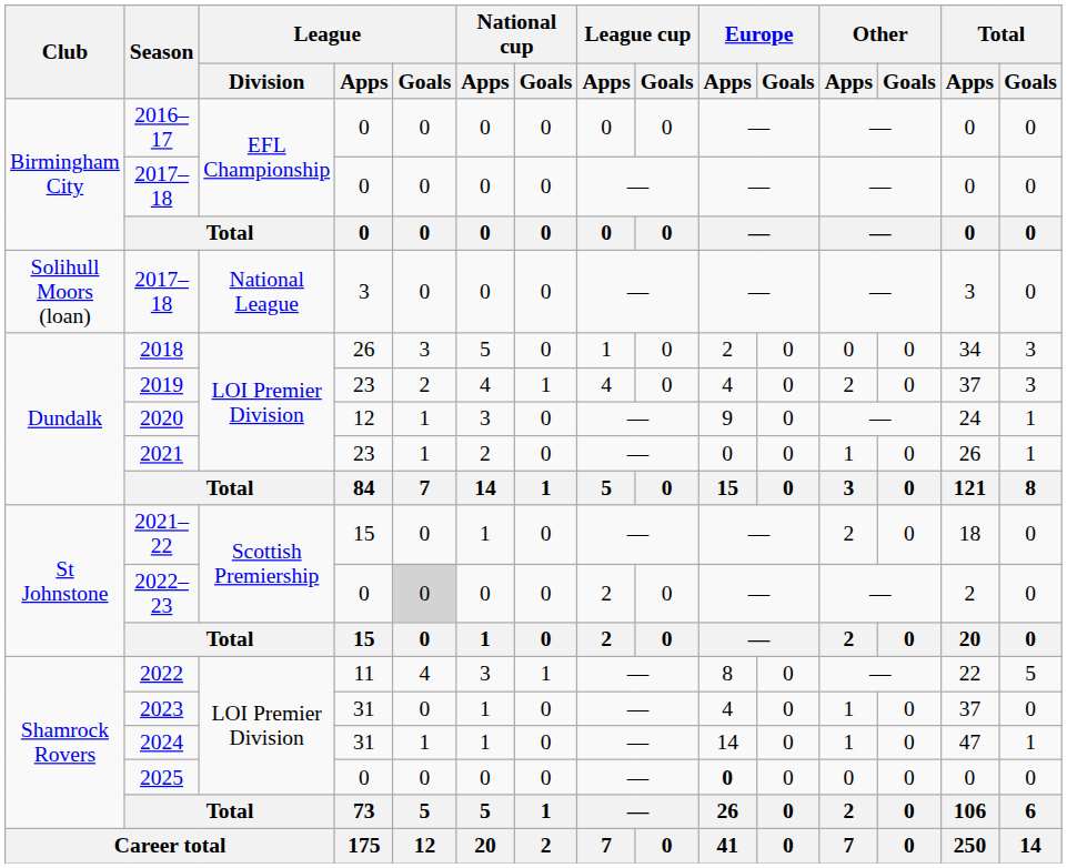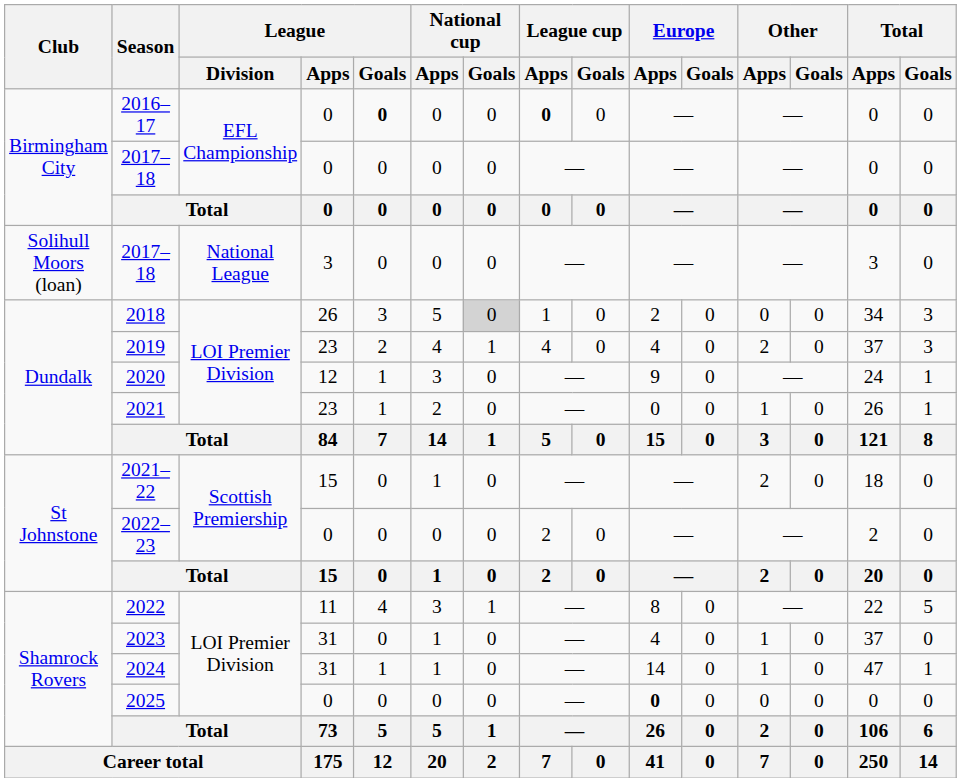 <table class="wikitable" style="text-align:center">
 <tr>
 <th rowspan="2">Club</th>
 <th rowspan="2">Season</th>
 <th colspan="3">League</th>
 <th colspan="2">National cup</th>
 <th colspan="2">League cup</th>
 <th colspan="2"><a href='#'>Europe</a></th>
 <th colspan="2">Other</th>
 <th colspan="2">Total</th>
 </tr>
 <tr>
 <th>Division</th>
 <th>Apps</th>
 <th>Goals</th>
 <th>Apps</th>
 <th>Goals</th>
 <th>Apps</th>
 <th>Goals</th>
 <th>Apps</th>
 <th>Goals</th>
 <th>Apps</th>
 <th>Goals</th>
 <th>Apps</th>
 <th>Goals</th>
 </tr>
 <tr>
 <td rowspan="3"><a href='#'>Birmingham City</a></td>
 <td><a href='#'>2016–17</a></td>
 <td rowspan="2"><a href='#'>EFL Championship</a></td>
 <td>0</td>
+<td><strong>0</strong></td>
 <td>0</td>
 <td>0</td>
-<td>0</td>
-<td>0</td>
+<td><strong>0</strong></td>
 <td>0</td>
 <td colspan="2">—</td>
 <td colspan="2">—</td>
 <td>0</td>
 <td>0</td>
 </tr>
 <tr>
 <td><a href='#'>2017–18</a></td>
 <td>0</td>
 <td>0</td>
 <td>0</td>
 <td>0</td>
 <td colspan="2">—</td>
 <td colspan="2">—</td>
 <td colspan="2">—</td>
 <td>0</td>
 <td>0</td>
 </tr>
 <tr>
 <th colspan="2">Total</th>
 <th>0</th>
 <th>0</th>
 <th>0</th>
 <th>0</th>
 <th>0</th>
 <th>0</th>
 <th colspan="2">—</th>
 <th colspan="2">—</th>
 <th>0</th>
 <th>0</th>
 </tr>
 <tr>
 <td><a href='#'>Solihull Moors</a> (loan)</td>
 <td><a href='#'>2017–18</a></td>
 <td><a href='#'>National League</a></td>
 <td>3</td>
 <td>0</td>
 <td>0</td>
 <td>0</td>
 <td colspan="2">—</td>
 <td colspan="2">—</td>
 <td colspan="2">—</td>
 <td>3</td>
 <td>0</td>
 </tr>
 <tr>
 <td rowspan="5"><a href='#'>Dundalk</a></td>
 <td><a href='#'>2018</a></td>
 <td rowspan="4"><a href='#'>LOI Premier Division</a></td>
 <td>26</td>
 <td>3</td>
 <td>5</td>
-<td>0</td>
+<td style="background: lightgrey;">0</td>
 <td>1</td>
 <td>0</td>
 <td>2</td>
 <td>0</td>
 <td>0</td>
 <td>0</td>
 <td>34</td>
 <td>3</td>
 </tr>
 <tr>
 <td><a href='#'>2019</a></td>
 <td>23</td>
 <td>2</td>
 <td>4</td>
 <td>1</td>
 <td>4</td>
 <td>0</td>
 <td>4</td>
 <td>0</td>
 <td>2</td>
 <td>0</td>
 <td>37</td>
 <td>3</td>
 </tr>
 <tr>
 <td><a href='#'>2020</a></td>
 <td>12</td>
 <td>1</td>
 <td>3</td>
 <td>0</td>
 <td colspan="2">—</td>
 <td>9</td>
 <td>0</td>
 <td colspan="2">—</td>
 <td>24</td>
 <td>1</td>
 </tr>
 <tr>
 <td><a href='#'>2021</a></td>
 <td>23</td>
 <td>1</td>
 <td>2</td>
 <td>0</td>
 <td colspan="2">—</td>
 <td>0</td>
 <td>0</td>
 <td>1</td>
 <td>0</td>
 <td>26</td>
 <td>1</td>
 </tr>
 <tr>
 <th colspan="2">Total</th>
 <th>84</th>
 <th>7</th>
 <th>14</th>
 <th>1</th>
 <th>5</th>
 <th>0</th>
 <th>15</th>
 <th>0</th>
 <th>3</th>
 <th>0</th>
 <th>121</th>
 <th>8</th>
 </tr>
 <tr>
 <td rowspan="3"><a href='#'>St Johnstone</a></td>
 <td><a href='#'>2021–22</a></td>
 <td rowspan="2"><a href='#'>Scottish Premiership</a></td>
 <td>15</td>
 <td>0</td>
 <td>1</td>
 <td>0</td>
 <td colspan="2">—</td>
 <td colspan="2">—</td>
 <td>2</td>
 <td>0</td>
 <td>18</td>
 <td>0</td>
 </tr>
 <tr>
 <td><a href='#'>2022–23</a></td>
 <td>0</td>
-<td style="background: lightgrey;">0</td>
+<td>0</td>
 <td>0</td>
 <td>0</td>
 <td>2</td>
 <td>0</td>
 <td colspan="2">—</td>
 <td colspan="2">—</td>
 <td>2</td>
 <td>0</td>
 </tr>
 <tr>
 <th colspan=2>Total</th>
 <th>15</th>
 <th>0</th>
 <th>1</th>
 <th>0</th>
 <th>2</th>
 <th>0</th>
 <th colspan="2">—</th>
 <th>2</th>
 <th>0</th>
 <th>20</th>
 <th>0</th>
 </tr>
 <tr>
 <td rowspan="5"><a href='#'>Shamrock Rovers</a></td>
 <td><a href='#'>2022</a></td>
 <td rowspan="4">LOI Premier Division</td>
 <td>11</td>
 <td>4</td>
 <td>3</td>
 <td>1</td>
 <td colspan="2">—</td>
 <td>8</td>
 <td>0</td>
 <td colspan="2">—</td>
 <td>22</td>
 <td>5</td>
 </tr>
 <tr>
 <td><a href='#'>2023</a></td>
 <td>31</td>
 <td>0</td>
 <td>1</td>
 <td>0</td>
 <td colspan="2">—</td>
 <td>4</td>
 <td>0</td>
 <td>1</td>
 <td>0</td>
 <td>37</td>
 <td>0</td>
 </tr>
 <tr>
 <td><a href='#'>2024</a></td>
 <td>31</td>
 <td>1</td>
 <td>1</td>
 <td>0</td>
 <td colspan="2">—</td>
 <td>14</td>
 <td>0</td>
 <td>1</td>
 <td>0</td>
 <td>47</td>
 <td>1</td>
 </tr>
 <tr>
 <td><a href='#'>2025</a></td>
 <td>0</td>
 <td>0</td>
 <td>0</td>
 <td>0</td>
 <td colspan="2">—</td>
 <td><strong>0</strong></td>
 <td>0</td>
 <td>0</td>
 <td>0</td>
 <td>0</td>
 <td>0</td>
 </tr>
 <tr>
 <th colspan="2">Total</th>
 <th>73</th>
 <th>5</th>
 <th>5</th>
 <th>1</th>
 <th colspan="2">—</th>
 <th>26</th>
 <th>0</th>
 <th>2</th>
 <th>0</th>
 <th>106</th>
 <th>6</th>
 </tr>
 <tr>
 <th colspan="3">Career total</th>
 <th>175</th>
 <th>12</th>
 <th>20</th>
 <th>2</th>
 <th>7</th>
 <th>0</th>
 <th>41</th>
 <th>0</th>
 <th>7</th>
 <th>0</th>
 <th>250</th>
 <th>14</th>
 </tr>
 </table>
